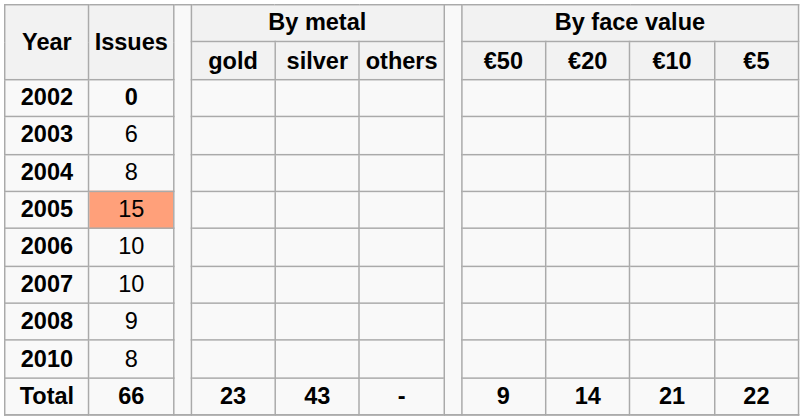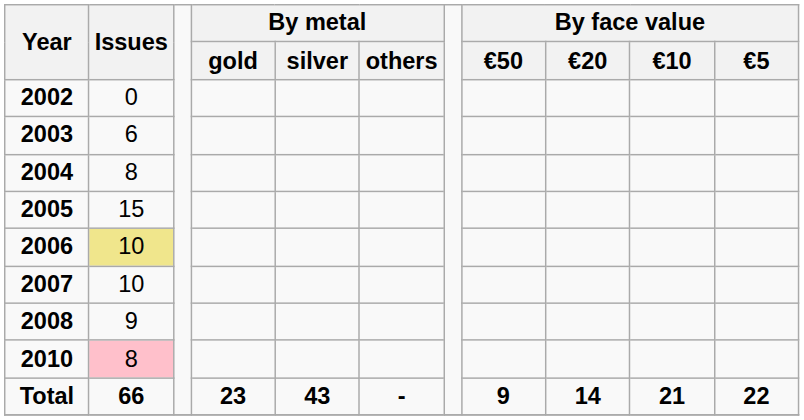 <table class="wikitable" style="text-align: center;">
 <tr>
 <th rowspan=2 width=50px>Year</th>
 <th rowspan=2 width=50px>Issues</th>
 <td rowspan=11> </td>
 <th colspan=3>By metal</th>
 <td rowspan=11> </td>
 <th colspan=5>By face value</th>
 </tr>
 <tr>
 <th width=50px>gold</th>
 <th width=50px>silver</th>
 <th width=50px>others</th>
 <th width=50px>€50</th>
 <th width=50px>€20</th>
 <th width=50px>€10</th>
 <th width=50px>€5</th>
 </tr>
 <tr>
 <td style="text-align: center;"><strong>2002</strong></td>
-<td><strong>0</strong></td>
+<td>0</td>
 <td></td>
 <td></td>
 <td></td>
 <td></td>
 <td></td>
 <td></td>
 <td></td>
 </tr>
 <tr>
 <td style="text-align: center;"><strong>2003</strong></td>
 <td>6</td>
 <td></td>
 <td></td>
 <td></td>
 <td></td>
 <td></td>
 <td></td>
 <td></td>
 </tr>
 <tr>
 <td style="text-align: center;"><strong>2004</strong></td>
 <td>8</td>
 <td></td>
 <td></td>
 <td></td>
 <td></td>
 <td></td>
 <td></td>
 <td></td>
 </tr>
 <tr>
 <td style="text-align: center;"><strong>2005</strong></td>
-<td style="background: lightsalmon;">15</td>
+<td>15</td>
 <td></td>
 <td></td>
 <td></td>
 <td></td>
 <td></td>
 <td></td>
 <td></td>
 </tr>
 <tr>
 <td style="text-align: center;"><strong>2006</strong></td>
-<td>10</td>
+<td style="background: khaki;">10</td>
 <td></td>
 <td></td>
 <td></td>
 <td></td>
 <td></td>
 <td></td>
 <td></td>
 </tr>
 <tr>
 <td style="text-align: center;"><strong>2007</strong></td>
 <td>10</td>
 <td></td>
 <td></td>
 <td></td>
 <td></td>
 <td></td>
 <td></td>
 <td></td>
 </tr>
 <tr>
 <td style="text-align: center;"><strong>2008</strong></td>
 <td>9</td>
 <td></td>
 <td></td>
 <td></td>
 <td></td>
 <td></td>
 <td></td>
 <td></td>
 </tr>
 <tr>
 <td style="text-align: center;"><strong>2010</strong></td>
-<td>8</td>
+<td style="background: pink;">8</td>
 <td></td>
 <td></td>
 <td></td>
 <td></td>
 <td></td>
 <td></td>
 <td></td>
 </tr>
 <tr>
 <td style="text-align: center;"><strong>Total</strong></td>
 <td><strong>66</strong></td>
 <td><strong>23</strong></td>
 <td><strong>43</strong></td>
 <td><strong>-</strong></td>
 <td><strong>9</strong></td>
 <td><strong>14</strong></td>
 <td><strong>21</strong></td>
 <td><strong>22</strong></td>
 </tr>
 <tr>
 </tr>
 </table>
